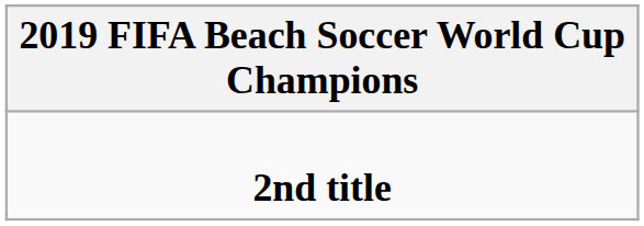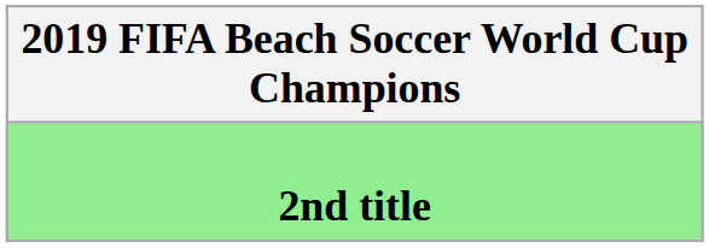 <table class="wikitable" style="margin:1em auto; text-align:center">
 <tr>
 <th width=250><strong>2019 FIFA Beach Soccer World Cup<br>Champions</strong></th>
 </tr>
 <tr>
-<td><strong></strong><br><strong>2nd title</strong><br></td>
+<td style="background: lightgreen;"><strong></strong><br><strong>2nd title</strong><br></td>
 </tr>
 </table>
